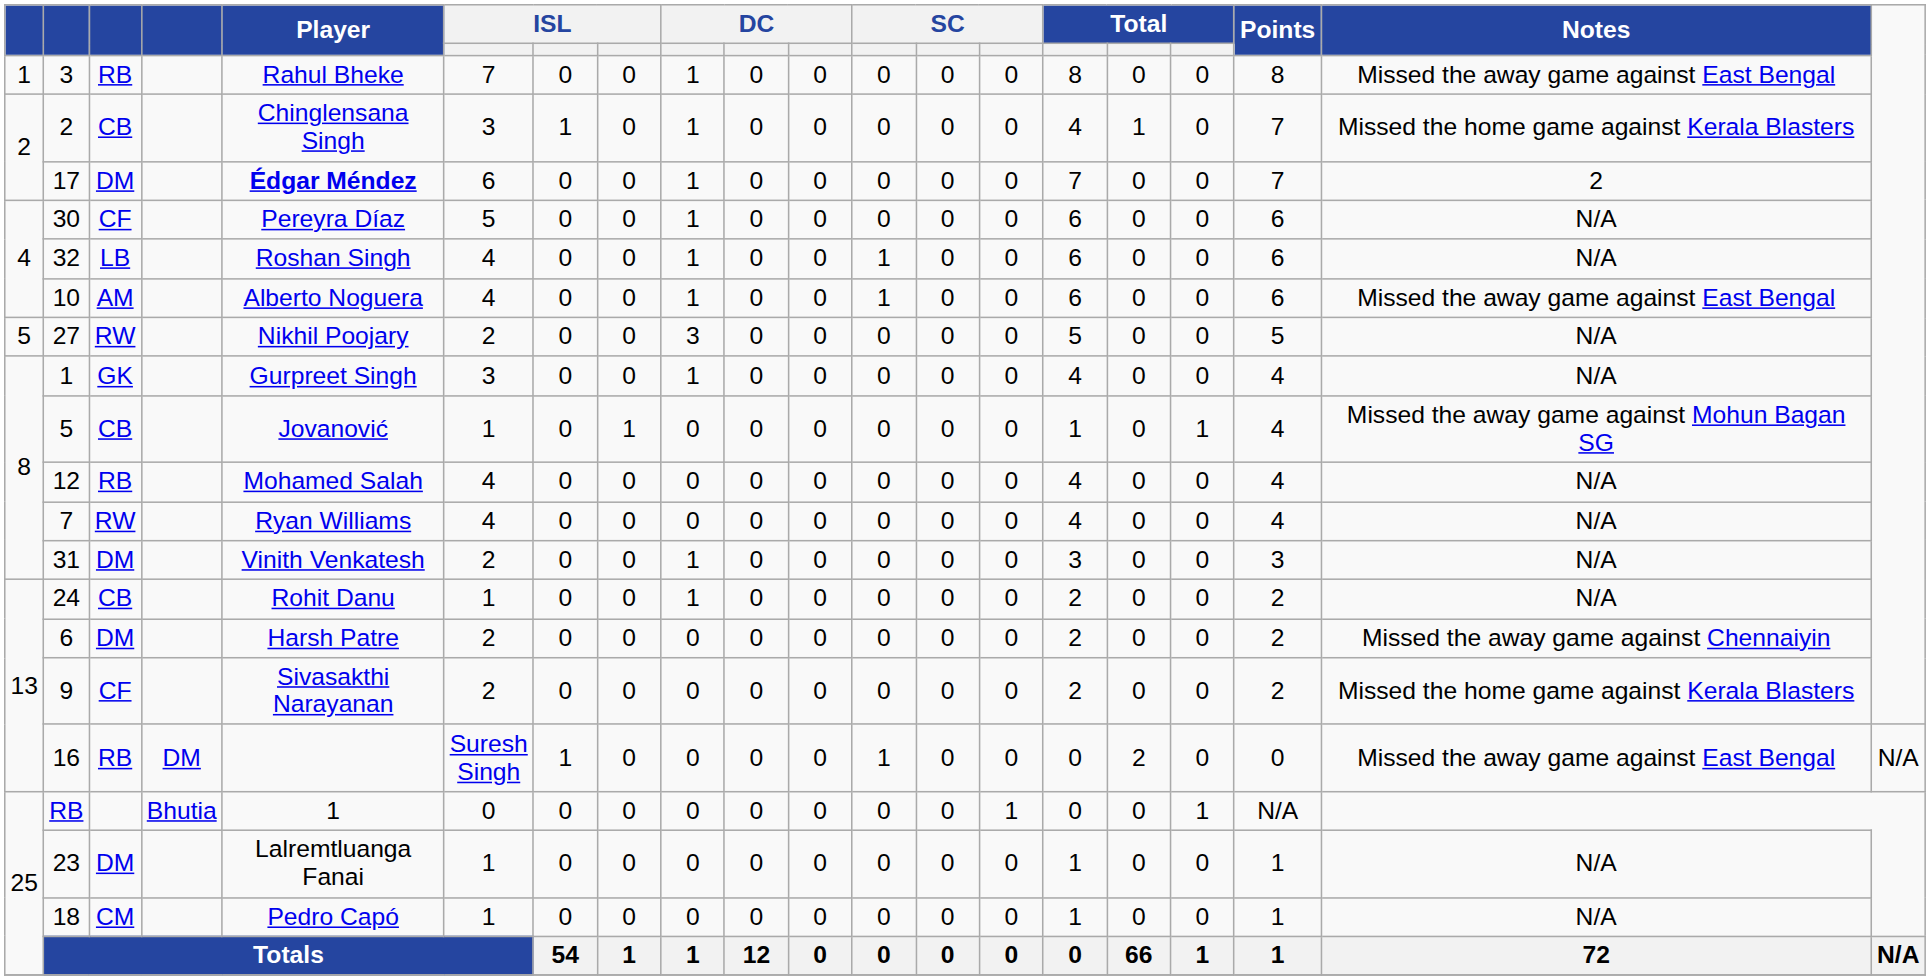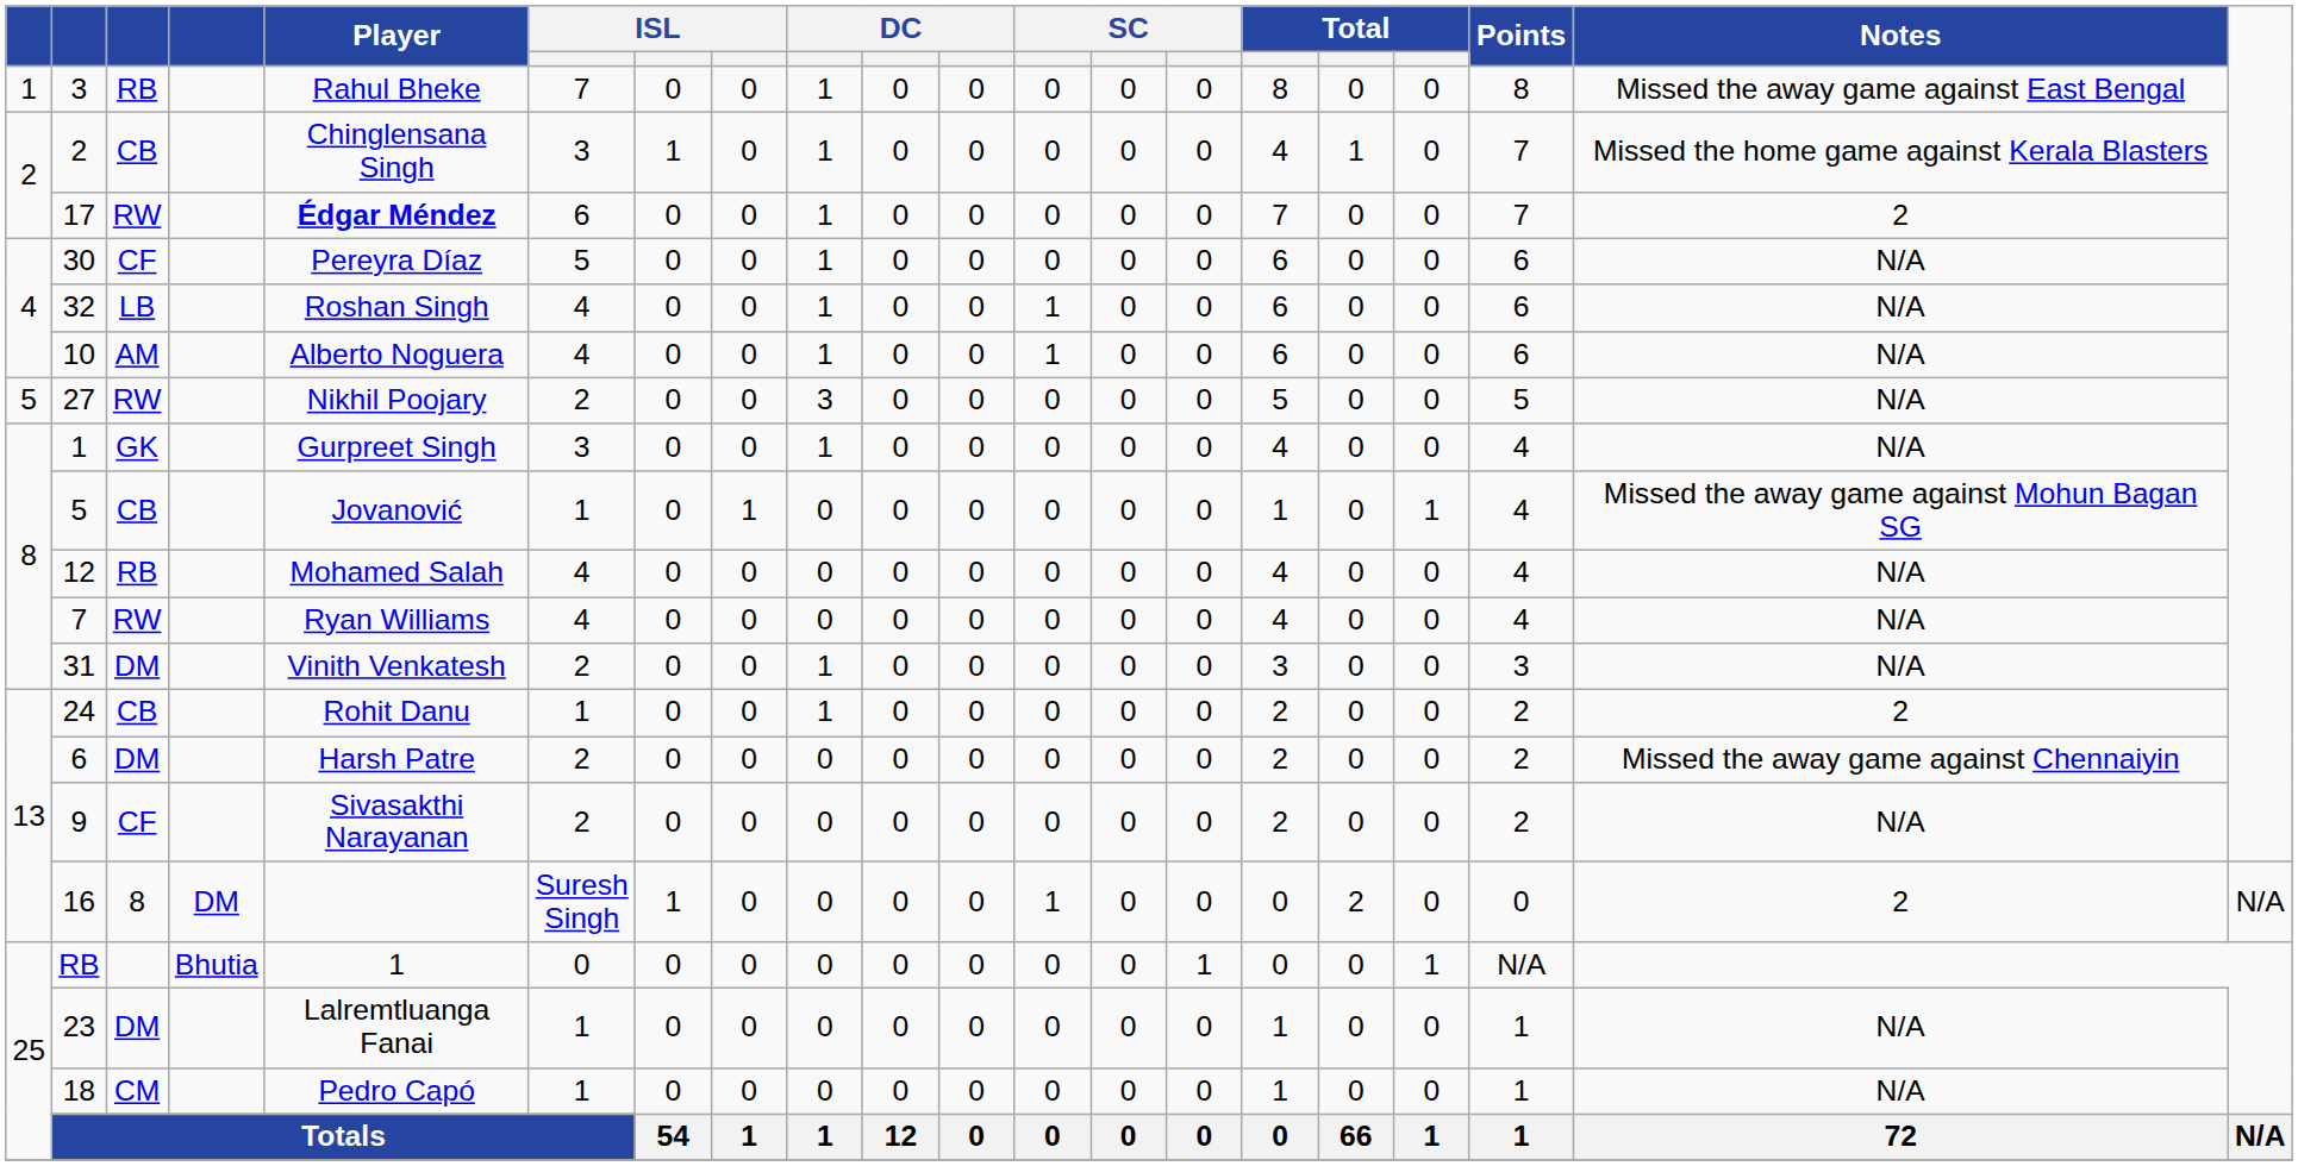 <table class="wikitable" style="text-align:center;">
 <tr>
 <th rowspan="2" !width=15 style="background:#2545A0; color:#FFFFFF; "></th>
 <th rowspan="2" !width=15 style="background:#2545A0; color:#FFFFFF; "></th>
 <th rowspan="2" !width=15 style="background:#2545A0; color:#FFFFFF; "></th>
 <th rowspan="2" !width=15 style="background:#2545A0; color:#FFFFFF; "></th>
 <th rowspan="2" style="background:#2545A0; color:#FFFFFF; ">Player</th>
 <th colspan="3" style="color:#2545A0;">ISL</th>
 <th colspan="3" style="color:#2545A0;">DC</th>
 <th colspan="3" style="color:#2545A0;">SC</th>
 <th colspan="3" style="background:#2545A0; color:#FFFFFF; ">Total</th>
 <th rowspan="2" style="background:#2545A0; color:#FFFFFF; ">Points</th>
 <th rowspan="2" style="width: 350px; background:#2545A0; color:#FFFFFF; ">Notes</th>
 </tr>
 <tr>
 <th width=34></th>
 <th width=34></th>
 <th width=34></th>
 <th width=34></th>
 <th width=34></th>
 <th width=34></th>
 <th width=34></th>
 <th width=34></th>
 <th width=34></th>
 <th width=34></th>
 <th width=34></th>
 <th width=34></th>
 </tr>
 <tr>
 <td>1</td>
 <td>3</td>
 <td><a href='#'>RB</a></td>
 <td></td>
 <td><a href='#'>Rahul Bheke</a></td>
 <td>7</td>
 <td>0</td>
 <td>0</td>
 <td>1</td>
 <td>0</td>
 <td>0</td>
 <td>0</td>
 <td>0</td>
 <td>0</td>
 <td>8</td>
 <td>0</td>
 <td>0</td>
 <td>8</td>
 <td>Missed the away game against <a href='#'>East Bengal</a></td>
 </tr>
 <tr>
 <td rowspan="2">2</td>
 <td>2</td>
 <td><a href='#'>CB</a></td>
 <td></td>
 <td><a href='#'>Chinglensana Singh</a></td>
 <td>3</td>
 <td>1</td>
 <td>0</td>
 <td>1</td>
 <td>0</td>
 <td>0</td>
 <td>0</td>
 <td>0</td>
 <td>0</td>
 <td>4</td>
 <td>1</td>
 <td>0</td>
 <td>7</td>
 <td>Missed the home game against <a href='#'>Kerala Blasters</a></td>
 </tr>
 <tr>
 <td>17</td>
-<td><a href='#'>DM</a></td>
+<td><a href='#'>RW</a></td>
 <td></td>
 <td><strong><a href='#'>Édgar Méndez</a></strong></td>
 <td>6</td>
 <td>0</td>
 <td>0</td>
 <td>1</td>
 <td>0</td>
 <td>0</td>
 <td>0</td>
 <td>0</td>
 <td>0</td>
 <td>7</td>
 <td>0</td>
 <td>0</td>
 <td>7</td>
 <td>2</td>
 </tr>
 <tr>
 <td rowspan=3>4</td>
 <td>30</td>
 <td><a href='#'>CF</a></td>
 <td></td>
 <td><a href='#'>Pereyra Díaz</a></td>
 <td>5</td>
 <td>0</td>
 <td>0</td>
 <td>1</td>
 <td>0</td>
 <td>0</td>
 <td>0</td>
 <td>0</td>
 <td>0</td>
 <td>6</td>
 <td>0</td>
 <td>0</td>
 <td>6</td>
 <td>N/A</td>
 </tr>
 <tr>
 <td>32</td>
 <td><a href='#'>LB</a></td>
 <td></td>
 <td><a href='#'>Roshan Singh</a></td>
 <td>4</td>
 <td>0</td>
 <td>0</td>
 <td>1</td>
 <td>0</td>
 <td>0</td>
 <td>1</td>
 <td>0</td>
 <td>0</td>
 <td>6</td>
 <td>0</td>
 <td>0</td>
 <td>6</td>
 <td>N/A</td>
 </tr>
 <tr>
 <td>10</td>
 <td><a href='#'>AM</a></td>
 <td></td>
 <td><a href='#'>Alberto Noguera</a></td>
 <td>4</td>
 <td>0</td>
 <td>0</td>
 <td>1</td>
 <td>0</td>
 <td>0</td>
 <td>1</td>
 <td>0</td>
 <td>0</td>
 <td>6</td>
 <td>0</td>
 <td>0</td>
 <td>6</td>
-<td>Missed the away game against <a href='#'>East Bengal</a></td>
+<td>N/A</td>
 </tr>
 <tr>
 <td>5</td>
 <td>27</td>
 <td><a href='#'>RW</a></td>
 <td></td>
 <td><a href='#'>Nikhil Poojary</a></td>
 <td>2</td>
 <td>0</td>
 <td>0</td>
 <td>3</td>
 <td>0</td>
 <td>0</td>
 <td>0</td>
 <td>0</td>
 <td>0</td>
 <td>5</td>
 <td>0</td>
 <td>0</td>
 <td>5</td>
 <td>N/A</td>
 </tr>
 <tr>
 <td rowspan="5">8</td>
 <td>1</td>
 <td><a href='#'>GK</a></td>
 <td></td>
 <td><a href='#'>Gurpreet Singh</a></td>
 <td>3</td>
 <td>0</td>
 <td>0</td>
 <td>1</td>
 <td>0</td>
 <td>0</td>
 <td>0</td>
 <td>0</td>
 <td>0</td>
 <td>4</td>
 <td>0</td>
 <td>0</td>
 <td>4</td>
 <td>N/A</td>
 </tr>
 <tr>
 <td>5</td>
 <td><a href='#'>CB</a></td>
 <td></td>
 <td><a href='#'>Jovanović</a></td>
 <td>1</td>
 <td>0</td>
 <td>1</td>
 <td>0</td>
 <td>0</td>
 <td>0</td>
 <td>0</td>
 <td>0</td>
 <td>0</td>
 <td>1</td>
 <td>0</td>
 <td>1</td>
 <td>4</td>
 <td>Missed the away game against <a href='#'>Mohun Bagan SG</a></td>
 </tr>
 <tr>
 <td>12</td>
 <td><a href='#'>RB</a></td>
 <td></td>
 <td><a href='#'>Mohamed Salah</a></td>
 <td>4</td>
 <td>0</td>
 <td>0</td>
 <td>0</td>
 <td>0</td>
 <td>0</td>
 <td>0</td>
 <td>0</td>
 <td>0</td>
 <td>4</td>
 <td>0</td>
 <td>0</td>
 <td>4</td>
 <td>N/A</td>
 </tr>
 <tr>
 <td>7</td>
 <td><a href='#'>RW</a></td>
 <td></td>
 <td><a href='#'>Ryan Williams</a></td>
 <td>4</td>
 <td>0</td>
 <td>0</td>
 <td>0</td>
 <td>0</td>
 <td>0</td>
 <td>0</td>
 <td>0</td>
 <td>0</td>
 <td>4</td>
 <td>0</td>
 <td>0</td>
 <td>4</td>
 <td>N/A</td>
 </tr>
 <tr>
 <td>31</td>
 <td><a href='#'>DM</a></td>
 <td></td>
 <td><a href='#'>Vinith Venkatesh</a></td>
 <td>2</td>
 <td>0</td>
 <td>0</td>
 <td>1</td>
 <td>0</td>
 <td>0</td>
 <td>0</td>
 <td>0</td>
 <td>0</td>
 <td>3</td>
 <td>0</td>
 <td>0</td>
 <td>3</td>
 <td>N/A</td>
 </tr>
 <tr>
 <td rowspan="4">13</td>
 <td>24</td>
 <td><a href='#'>CB</a></td>
 <td></td>
 <td><a href='#'>Rohit Danu</a></td>
 <td>1</td>
 <td>0</td>
 <td>0</td>
 <td>1</td>
 <td>0</td>
 <td>0</td>
 <td>0</td>
 <td>0</td>
 <td>0</td>
 <td>2</td>
 <td>0</td>
 <td>0</td>
 <td>2</td>
-<td>N/A</td>
+<td>2</td>
 </tr>
 <tr>
 <td>6</td>
 <td><a href='#'>DM</a></td>
 <td></td>
 <td><a href='#'>Harsh Patre</a></td>
 <td>2</td>
 <td>0</td>
 <td>0</td>
 <td>0</td>
 <td>0</td>
 <td>0</td>
 <td>0</td>
 <td>0</td>
 <td>0</td>
 <td>2</td>
 <td>0</td>
 <td>0</td>
 <td>2</td>
 <td>Missed the away game against <a href='#'>Chennaiyin</a></td>
 </tr>
 <tr>
 <td>9</td>
 <td><a href='#'>CF</a></td>
 <td></td>
 <td><a href='#'>Sivasakthi Narayanan</a></td>
 <td>2</td>
 <td>0</td>
 <td>0</td>
 <td>0</td>
 <td>0</td>
 <td>0</td>
 <td>0</td>
 <td>0</td>
 <td>0</td>
 <td>2</td>
 <td>0</td>
 <td>0</td>
 <td>2</td>
-<td>Missed the home game against <a href='#'>Kerala Blasters</a></td>
+<td>N/A</td>
 </tr>
 <tr>
 <td>16</td>
-<td><a href='#'>RB</a></td>
+<td>8</td>
 <td><a href='#'>DM</a></td>
 <td></td>
 <td><a href='#'>Suresh Singh</a></td>
 <td>1</td>
 <td>0</td>
 <td>0</td>
 <td>0</td>
 <td>0</td>
 <td>1</td>
 <td>0</td>
 <td>0</td>
 <td>0</td>
 <td>2</td>
 <td>0</td>
 <td>0</td>
-<td>Missed the away game against <a href='#'>East Bengal</a></td>
+<td>2</td>
 <td>N/A</td>
 </tr>
 <tr>
 <td rowspan="4">25</td>
 <td><a href='#'>RB</a></td>
 <td></td>
 <td><a href='#'>Bhutia</a></td>
 <td>1</td>
 <td>0</td>
 <td>0</td>
 <td>0</td>
 <td>0</td>
 <td>0</td>
 <td>0</td>
 <td>0</td>
 <td>0</td>
 <td>1</td>
 <td>0</td>
 <td>0</td>
 <td>1</td>
 <td>N/A</td>
 </tr>
 <tr>
 <td>23</td>
 <td><a href='#'>DM</a></td>
 <td></td>
 <td>Lalremtluanga Fanai</td>
 <td>1</td>
 <td>0</td>
 <td>0</td>
 <td>0</td>
 <td>0</td>
 <td>0</td>
 <td>0</td>
 <td>0</td>
 <td>0</td>
 <td>1</td>
 <td>0</td>
 <td>0</td>
 <td>1</td>
 <td>N/A</td>
 </tr>
 <tr>
 <td>18</td>
 <td><a href='#'>CM</a></td>
 <td></td>
 <td><a href='#'>Pedro Capó</a></td>
 <td>1</td>
 <td>0</td>
 <td>0</td>
 <td>0</td>
 <td>0</td>
 <td>0</td>
 <td>0</td>
 <td>0</td>
 <td>0</td>
 <td>1</td>
 <td>0</td>
 <td>0</td>
 <td>1</td>
 <td>N/A</td>
 </tr>
 <tr>
 <th colspan="5" style="background:#2545A0; color:#FFFFFF; ">Totals</th>
 <th>54</th>
 <th>1</th>
 <th>1</th>
 <th>12</th>
 <th>0</th>
 <th>0</th>
 <th>0</th>
 <th>0</th>
 <th>0</th>
 <th>66</th>
 <th>1</th>
 <th>1</th>
 <th>72</th>
 <th>N/A</th>
 </tr>
 <tr>
 </tr>
 </table>
